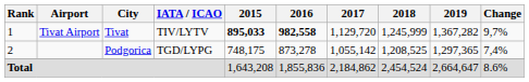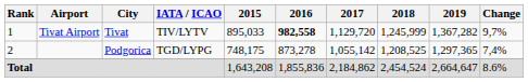 <table class="wikitable sortable">
 <tr>
 <th>Rank</th>
 <th>Airport</th>
 <th>City</th>
 <th><a href='#'>IATA</a> / <a href='#'>ICAO</a></th>
 <th>2015</th>
 <th>2016</th>
 <th>2017</th>
 <th>2018</th>
 <th>2019</th>
 <th>Change</th>
 </tr>
 <tr>
 <td>1</td>
 <td><a href='#'>Tivat Airport</a></td>
 <td><a href='#'>Tivat</a></td>
 <td>TIV/LYTV</td>
-<td><strong>895,033</strong></td>
+<td>895,033</td>
 <td><strong>982,558</strong></td>
 <td>1,129,720</td>
 <td>1,245,999</td>
 <td>1,367,282</td>
 <td>9,7%</td>
 </tr>
 <tr>
 <td>2</td>
 <td></td>
 <td><a href='#'>Podgorica</a></td>
 <td>TGD/LYPG</td>
 <td>748,175</td>
 <td>873,278</td>
 <td>1,055,142</td>
 <td>1,208,525</td>
 <td>1,297,365</td>
 <td>7,4%</td>
 </tr>
 <tr>
 </tr>
 <tr class="sortbottom" style="background-color: #DDDDDD;">
 <td colspan="4"><strong>Total</strong></td>
 <td align="right">1,643,208</td>
 <td align="right">1,855,836</td>
 <td align="right">2,184,862</td>
 <td align="right">2,454,524</td>
 <td align="right">2,664,647</td>
 <td>8.6%</td>
 </tr>
 </table>
